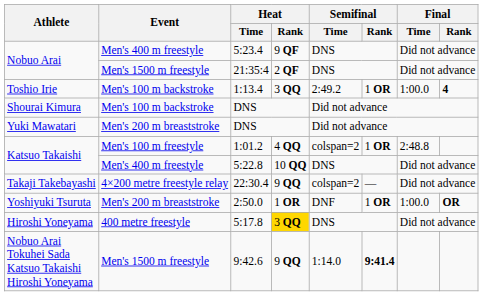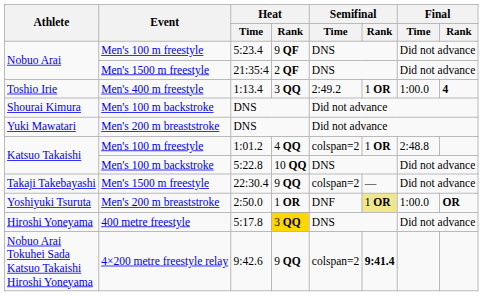 <table class=wikitable style="font-size:90%">
 <tr>
 <th rowspan="2">Athlete</th>
 <th rowspan="2">Event</th>
 <th colspan="2">Heat</th>
 <th colspan="2">Semifinal</th>
 <th colspan="2">Final</th>
 </tr>
 <tr style="font-size:95%">
 <th>Time</th>
 <th>Rank</th>
 <th>Time</th>
 <th>Rank</th>
 <th>Time</th>
 <th>Rank</th>
 </tr>
 <tr>
 <td rowspan=2 align=left><a href='#'>Nobuo Arai</a></td>
-<td align=left><a href='#'>Men's 400 m freestyle</a></td>
+<td align=left><a href='#'>Men's 100 m freestyle</a></td>
 <td>5:23.4</td>
 <td>9 <strong>QF</strong></td>
 <td colspan=2>DNS</td>
 <td colspan=2>Did not advance</td>
 </tr>
 <tr>
 <td align=left><a href='#'>Men's 1500 m freestyle</a></td>
 <td>21:35:4</td>
 <td>2 <strong>QF</strong></td>
 <td colspan=2>DNS</td>
 <td colspan=2>Did not advance</td>
 </tr>
 <tr>
 <td align=left><a href='#'>Toshio Irie</a></td>
-<td align=left><a href='#'>Men's 100 m backstroke</a></td>
+<td align=left><a href='#'>Men's 400 m freestyle</a></td>
 <td>1:13.4</td>
 <td>3 <strong>QQ</strong></td>
 <td>2:49.2</td>
 <td>1 <strong>OR</strong></td>
 <td>1:00.0</td>
 <td><strong>4</strong></td>
 </tr>
 <tr>
 <td align=left><a href='#'>Shourai Kimura</a></td>
 <td align=left><a href='#'>Men's 100 m backstroke</a></td>
 <td colspan=2>DNS</td>
 <td colspan=6>Did not advance</td>
 </tr>
 <tr>
 <td align=left><a href='#'>Yuki Mawatari</a></td>
 <td align=left><a href='#'>Men's 200 m breaststroke</a></td>
 <td colspan=2>DNS</td>
 <td colspan=6>Did not advance</td>
 </tr>
 <tr>
 <td rowspan=2 align=left><a href='#'>Katsuo Takaishi</a></td>
 <td align=left><a href='#'>Men's 100 m freestyle</a></td>
 <td>1:01.2</td>
 <td>4 <strong>QQ</strong></td>
 <td>colspan=2 </td>
 <td>1 <strong>OR</strong></td>
 <td>2:48.8</td>
 <td></td>
 </tr>
 <tr>
-<td align=left><a href='#'>Men's 400 m freestyle</a></td>
+<td align=left><a href='#'>Men's 100 m backstroke</a></td>
 <td>5:22.8</td>
 <td>10 <strong>QQ</strong></td>
 <td colspan=2>DNS</td>
 <td colspan=2>Did not advance</td>
 </tr>
 <tr>
 <td align=left><a href='#'>Takaji Takebayashi</a></td>
-<td align=left><a href='#'>4×200 metre freestyle relay</a></td>
+<td align=left><a href='#'>Men's 1500 m freestyle</a></td>
 <td>22:30.4</td>
 <td>9 <strong>QQ</strong></td>
 <td>colspan=2 </td>
 <td>—</td>
 <td colspan=2>Did not advance</td>
 </tr>
 <tr>
 <td align=left><a href='#'>Yoshiyuki Tsuruta</a></td>
 <td align=left><a href='#'>Men's 200 m breaststroke</a></td>
 <td>2:50.0</td>
 <td>1 <strong>OR</strong></td>
 <td>DNF</td>
-<td>1 <strong>OR</strong></td>
+<td style="background: khaki;">1 <strong>OR</strong></td>
 <td>1:00.0</td>
 <td> <strong>OR</strong></td>
 </tr>
 <tr>
 <td align=left><a href='#'>Hiroshi Yoneyama</a></td>
 <td align=left><a href='#'>400 metre freestyle</a></td>
 <td>5:17.8</td>
 <td style="background: gold;">3 <strong>QQ</strong></td>
 <td colspan=2>DNS</td>
 <td colspan=2>Did not advance</td>
 </tr>
 <tr>
 <td align=left><a href='#'>Nobuo Arai</a><br><a href='#'>Tokuhei Sada</a><br><a href='#'>Katsuo Takaishi</a><br><a href='#'>Hiroshi Yoneyama</a></td>
-<td align=left><a href='#'>Men's 1500 m freestyle</a></td>
+<td align=left><a href='#'>4×200 metre freestyle relay</a></td>
 <td>9:42.6</td>
 <td>9 <strong>QQ</strong></td>
-<td>1:14.0</td>
+<td>colspan=2 </td>
 <td><strong>9:41.4</strong></td>
 <td></td>
 </tr>
 </table>
